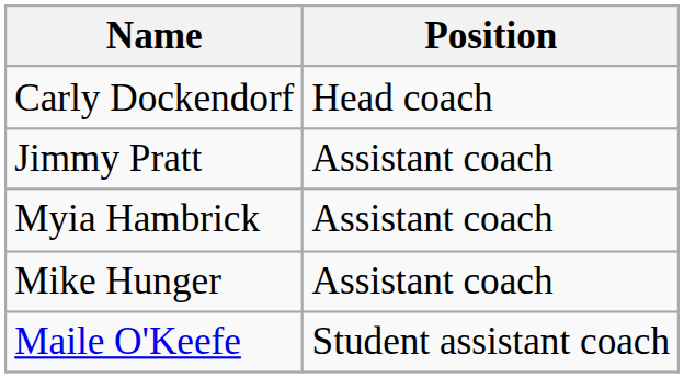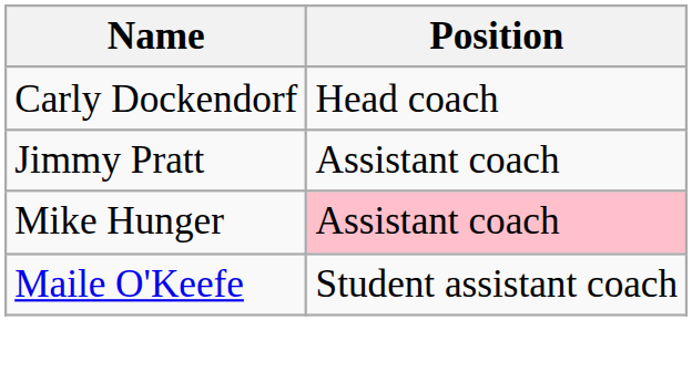 <table class="wikitable">
 <tr>
 <th>Name</th>
 <th>Position</th>
 </tr>
 <tr>
 <td>Carly Dockendorf</td>
 <td>Head coach</td>
 </tr>
 <tr>
 <td>Jimmy Pratt</td>
 <td>Assistant coach</td>
 </tr>
 <tr>
-<td>Myia Hambrick</td>
-<td>Assistant coach</td>
-</tr>
-<tr>
 <td>Mike Hunger</td>
-<td>Assistant coach</td>
+<td style="background: pink;">Assistant coach</td>
 </tr>
 <tr>
 <td><a href='#'>Maile O'Keefe</a></td>
 <td>Student assistant coach</td>
 </tr>
 </table>
